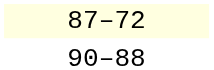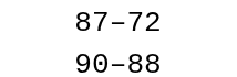 <table style="text-align:center">
 <tr>
 <th width=200></th>
 <th width=100></th>
 <th width=200></th>
 <th></th>
 </tr>
 <tr>
 <td align=right><strong></strong></td>
-<td style="background: lightyellow;">87–72</td>
+<td>87–72</td>
 <td align=left></td>
 </tr>
 <tr>
 <td align=right><strong></strong></td>
 <td>90–88</td>
 <td align=left></td>
 </tr>
 </table>
